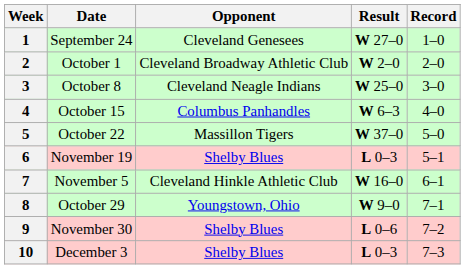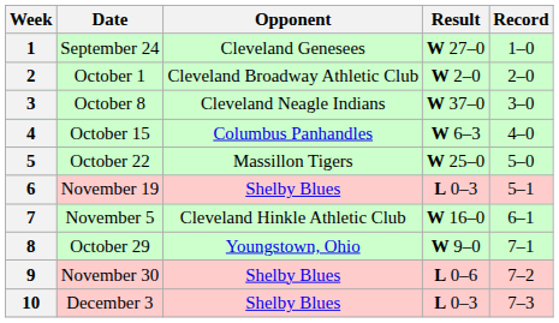 <table class="wikitable" style="text-align:center">
 <tr>
 <th>Week</th>
 <th>Date</th>
 <th>Opponent</th>
 <th>Result</th>
 <th>Record</th>
 </tr>
 <tr style="background:#cfc">
 <th>1</th>
 <td>September 24</td>
 <td>Cleveland Genesees</td>
 <td><strong>W</strong> 27–0</td>
 <td>1–0</td>
 </tr>
 <tr style="background:#cfc">
 <th>2</th>
 <td>October 1</td>
 <td>Cleveland Broadway Athletic Club</td>
 <td><strong>W</strong> 2–0</td>
 <td>2–0</td>
 </tr>
 <tr style="background:#cfc">
 <th>3</th>
 <td>October 8</td>
 <td>Cleveland Neagle Indians</td>
-<td><strong>W</strong> 25–0</td>
+<td><strong>W</strong> 37–0</td>
 <td>3–0</td>
 </tr>
 <tr style="background:#cfc">
 <th>4</th>
 <td>October 15</td>
 <td><a href='#'>Columbus Panhandles</a></td>
 <td><strong>W</strong> 6–3</td>
 <td>4–0</td>
 </tr>
 <tr style="background:#cfc">
 <th>5</th>
 <td>October 22</td>
 <td>Massillon Tigers</td>
-<td><strong>W</strong> 37–0</td>
+<td><strong>W</strong> 25–0</td>
 <td>5–0</td>
 </tr>
 <tr style="background:#fcc">
 <th>6</th>
 <td>November 19</td>
 <td><a href='#'>Shelby Blues</a></td>
 <td><strong>L</strong> 0–3</td>
 <td>5–1</td>
 </tr>
 <tr style="background:#cfc">
 <th>7</th>
 <td>November 5</td>
 <td>Cleveland Hinkle Athletic Club</td>
 <td><strong>W</strong> 16–0</td>
 <td>6–1</td>
 </tr>
 <tr style="background:#cfc">
 <th>8</th>
 <td>October 29</td>
 <td><a href='#'>Youngstown, Ohio</a></td>
 <td><strong>W</strong> 9–0</td>
 <td>7–1</td>
 </tr>
 <tr style="background:#fcc">
 <th>9</th>
 <td>November 30</td>
 <td><a href='#'>Shelby Blues</a></td>
 <td><strong>L</strong> 0–6</td>
 <td>7–2</td>
 </tr>
 <tr style="background:#fcc">
 <th>10</th>
 <td>December 3</td>
 <td><a href='#'>Shelby Blues</a></td>
 <td><strong>L</strong> 0–3</td>
 <td>7–3</td>
 </tr>
 </table>
